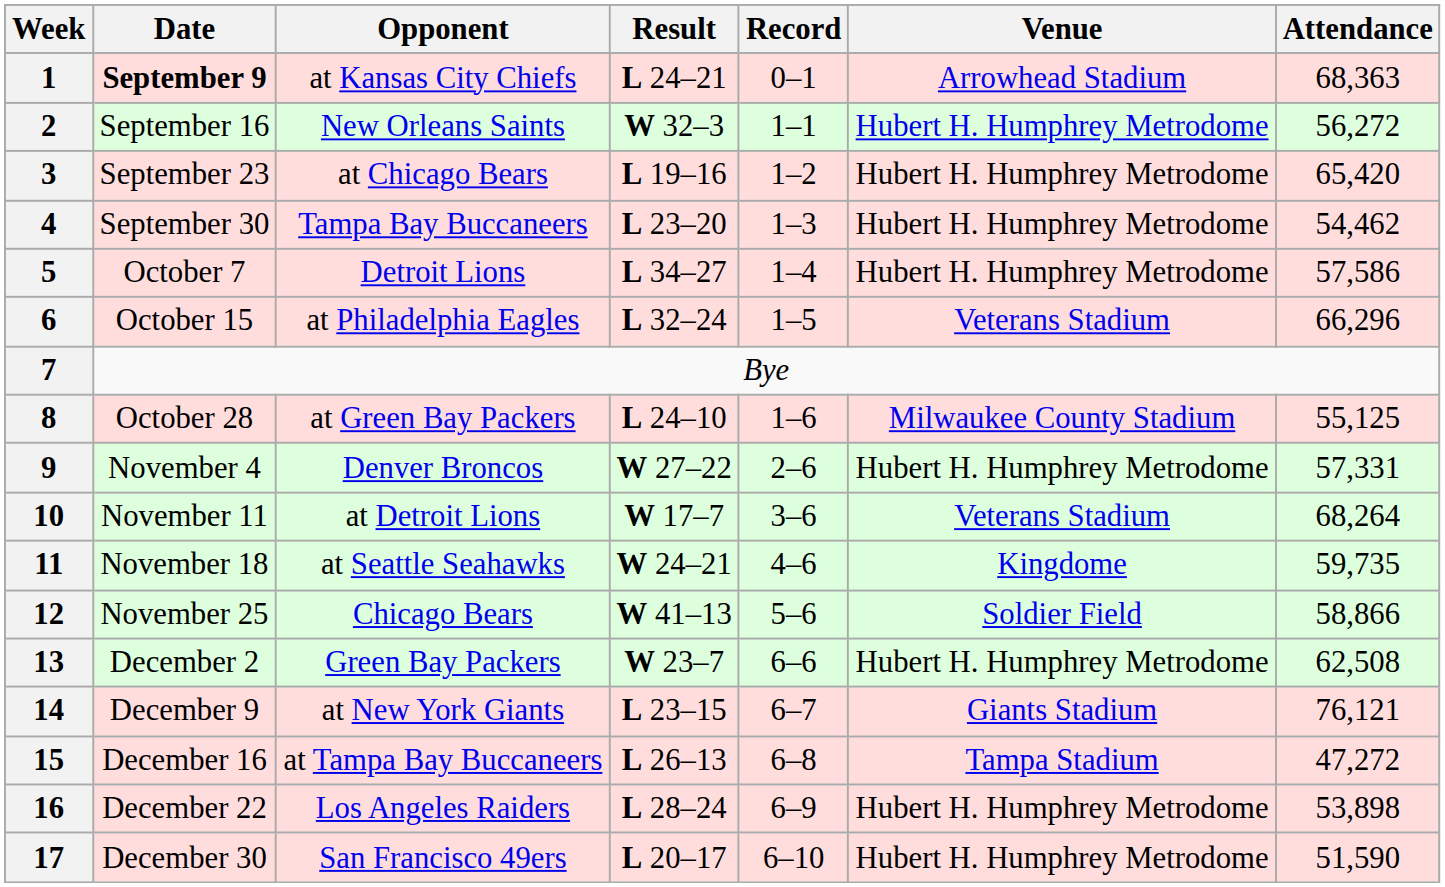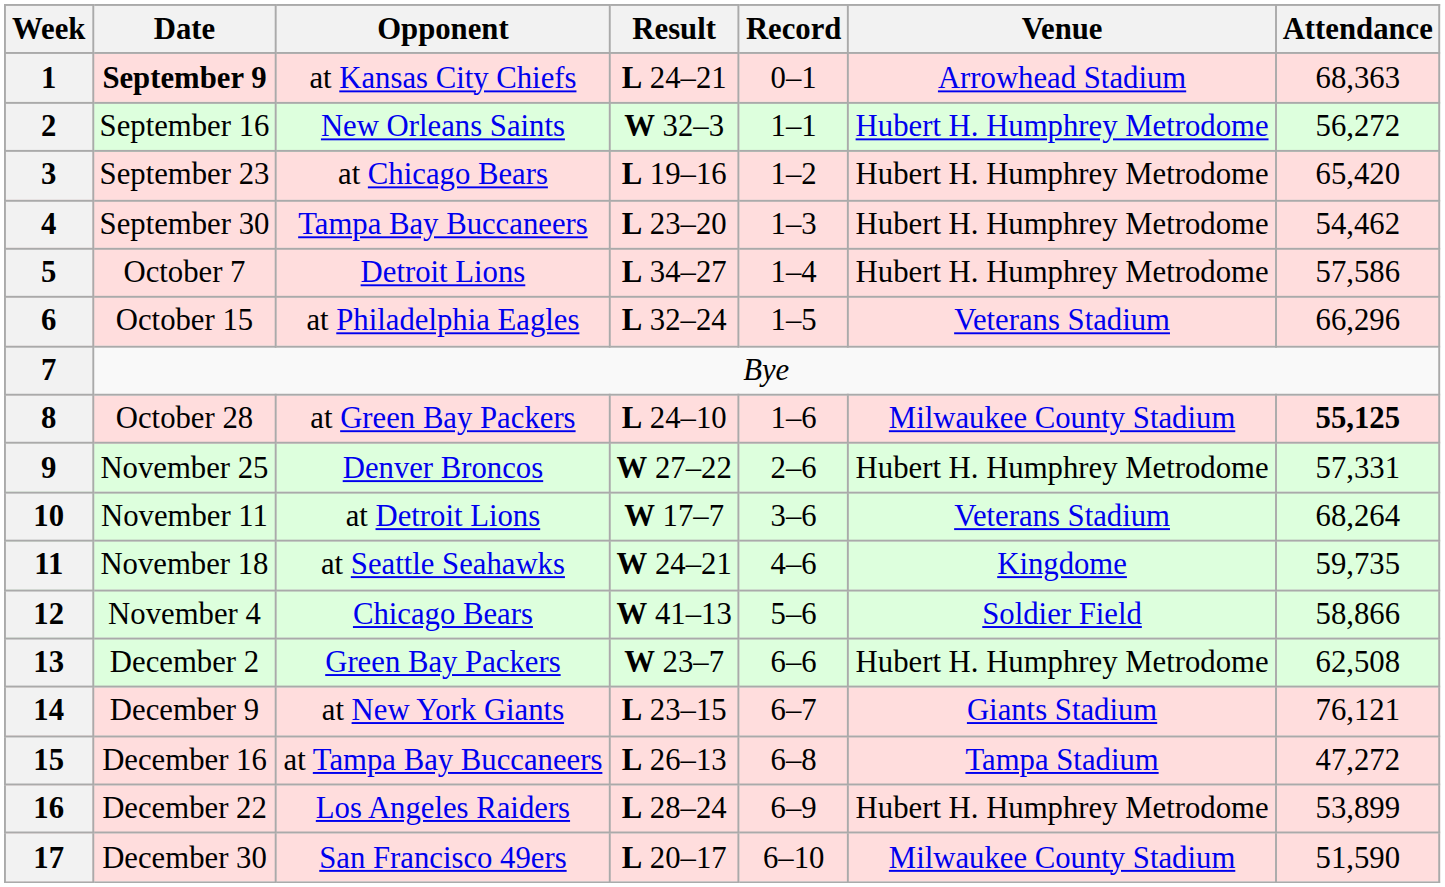 <table class="wikitable" style="text-align:center">
 <tr>
 <th>Week</th>
 <th>Date</th>
 <th>Opponent</th>
 <th>Result</th>
 <th>Record</th>
 <th>Venue</th>
 <th>Attendance</th>
 </tr>
 <tr style="background:#fdd">
 <th>1</th>
 <td><strong>September 9</strong></td>
 <td>at <a href='#'>Kansas City Chiefs</a></td>
 <td><strong>L</strong> 24–21</td>
 <td>0–1</td>
 <td><a href='#'>Arrowhead Stadium</a></td>
 <td>68,363</td>
 </tr>
 <tr style="background:#dfd">
 <th>2</th>
 <td>September 16</td>
 <td><a href='#'>New Orleans Saints</a></td>
 <td><strong>W</strong> 32–3</td>
 <td>1–1</td>
 <td><a href='#'>Hubert H. Humphrey Metrodome</a></td>
 <td>56,272</td>
 </tr>
 <tr style="background:#fdd">
 <th>3</th>
 <td>September 23</td>
 <td>at <a href='#'>Chicago Bears</a></td>
 <td><strong>L</strong> 19–16</td>
 <td>1–2</td>
 <td>Hubert H. Humphrey Metrodome</td>
 <td>65,420</td>
 </tr>
 <tr style="background:#fdd">
 <th>4</th>
 <td>September 30</td>
 <td><a href='#'>Tampa Bay Buccaneers</a></td>
 <td><strong>L</strong> 23–20 </td>
 <td>1–3</td>
 <td>Hubert H. Humphrey Metrodome</td>
 <td>54,462</td>
 </tr>
 <tr style="background:#fdd">
 <th>5</th>
 <td>October 7</td>
 <td><a href='#'>Detroit Lions</a></td>
 <td><strong>L</strong> 34–27</td>
 <td>1–4</td>
 <td>Hubert H. Humphrey Metrodome</td>
 <td>57,586</td>
 </tr>
 <tr style="background:#fdd">
 <th>6</th>
 <td>October 15</td>
 <td>at <a href='#'>Philadelphia Eagles</a></td>
 <td><strong>L</strong> 32–24</td>
 <td>1–5</td>
 <td><a href='#'>Veterans Stadium</a></td>
 <td>66,296</td>
 </tr>
 <tr>
 <th>7</th>
 <td colspan="6"><em>Bye</em></td>
 </tr>
 <tr style="background:#fdd">
 <th>8</th>
 <td>October 28</td>
 <td>at <a href='#'>Green Bay Packers</a></td>
 <td><strong>L</strong> 24–10</td>
 <td>1–6</td>
 <td><a href='#'>Milwaukee County Stadium</a></td>
-<td>55,125</td>
+<td><strong>55,125</strong></td>
 </tr>
 <tr style="background:#dfd">
 <th>9</th>
-<td>November 4</td>
+<td>November 25</td>
 <td><a href='#'>Denver Broncos</a></td>
 <td><strong>W</strong> 27–22</td>
 <td>2–6</td>
 <td>Hubert H. Humphrey Metrodome</td>
 <td>57,331</td>
 </tr>
 <tr style="background:#dfd">
 <th>10</th>
 <td>November 11</td>
 <td>at <a href='#'>Detroit Lions</a></td>
 <td><strong>W</strong> 17–7</td>
 <td>3–6</td>
 <td><a href='#'>Veterans Stadium</a></td>
 <td>68,264</td>
 </tr>
 <tr style="background:#dfd">
 <th>11</th>
 <td>November 18</td>
 <td>at <a href='#'>Seattle Seahawks</a></td>
 <td><strong>W</strong> 24–21</td>
 <td>4–6</td>
 <td><a href='#'>Kingdome</a></td>
 <td>59,735</td>
 </tr>
 <tr style="background:#dfd">
 <th>12</th>
-<td>November 25</td>
+<td>November 4</td>
 <td><a href='#'>Chicago Bears</a></td>
 <td><strong>W</strong> 41–13</td>
 <td>5–6</td>
 <td><a href='#'>Soldier Field</a></td>
 <td>58,866</td>
 </tr>
 <tr style="background:#dfd">
 <th>13</th>
 <td>December 2</td>
 <td><a href='#'>Green Bay Packers</a></td>
 <td><strong>W</strong> 23–7</td>
 <td>6–6</td>
 <td>Hubert H. Humphrey Metrodome</td>
 <td>62,508</td>
 </tr>
 <tr style="background:#fdd">
 <th>14</th>
 <td>December 9</td>
 <td>at <a href='#'>New York Giants</a></td>
 <td><strong>L</strong> 23–15</td>
 <td>6–7</td>
 <td><a href='#'>Giants Stadium</a></td>
 <td>76,121</td>
 </tr>
 <tr style="background:#fdd">
 <th>15</th>
 <td>December 16</td>
 <td>at <a href='#'>Tampa Bay Buccaneers</a></td>
 <td><strong>L</strong> 26–13</td>
 <td>6–8</td>
 <td><a href='#'>Tampa Stadium</a></td>
 <td>47,272</td>
 </tr>
 <tr style="background:#fdd">
 <th>16</th>
 <td>December 22</td>
 <td><a href='#'>Los Angeles Raiders</a></td>
 <td><strong>L</strong> 28–24</td>
 <td>6–9</td>
 <td>Hubert H. Humphrey Metrodome</td>
-<td>53,898</td>
+<td>53,899</td>
 </tr>
 <tr style="background:#fdd">
 <th>17</th>
 <td>December 30</td>
 <td><a href='#'>San Francisco 49ers</a></td>
 <td><strong>L</strong> 20–17</td>
 <td>6–10</td>
-<td>Hubert H. Humphrey Metrodome</td>
+<td><a href='#'>Milwaukee County Stadium</a></td>
 <td>51,590</td>
 </tr>
 </table>
